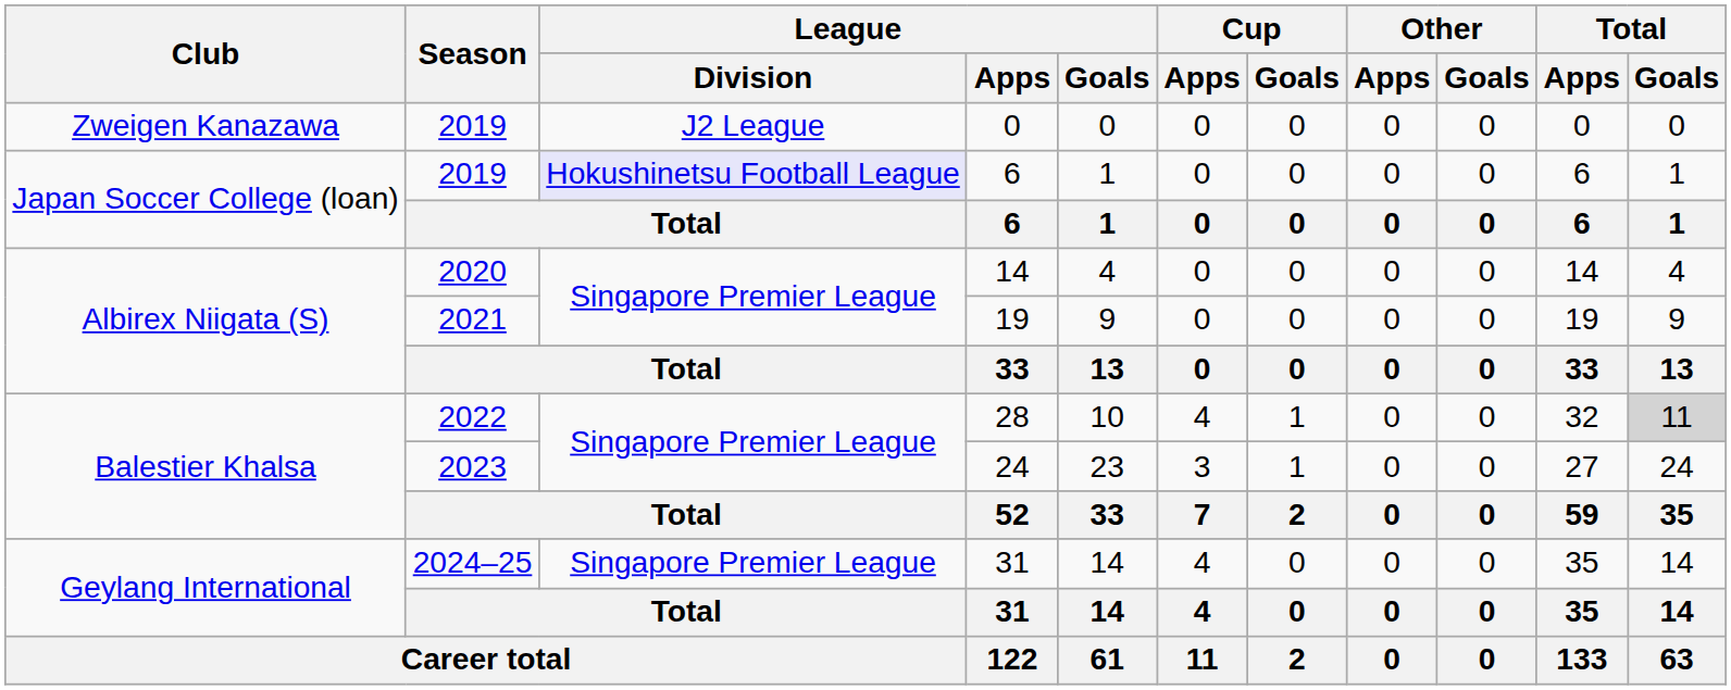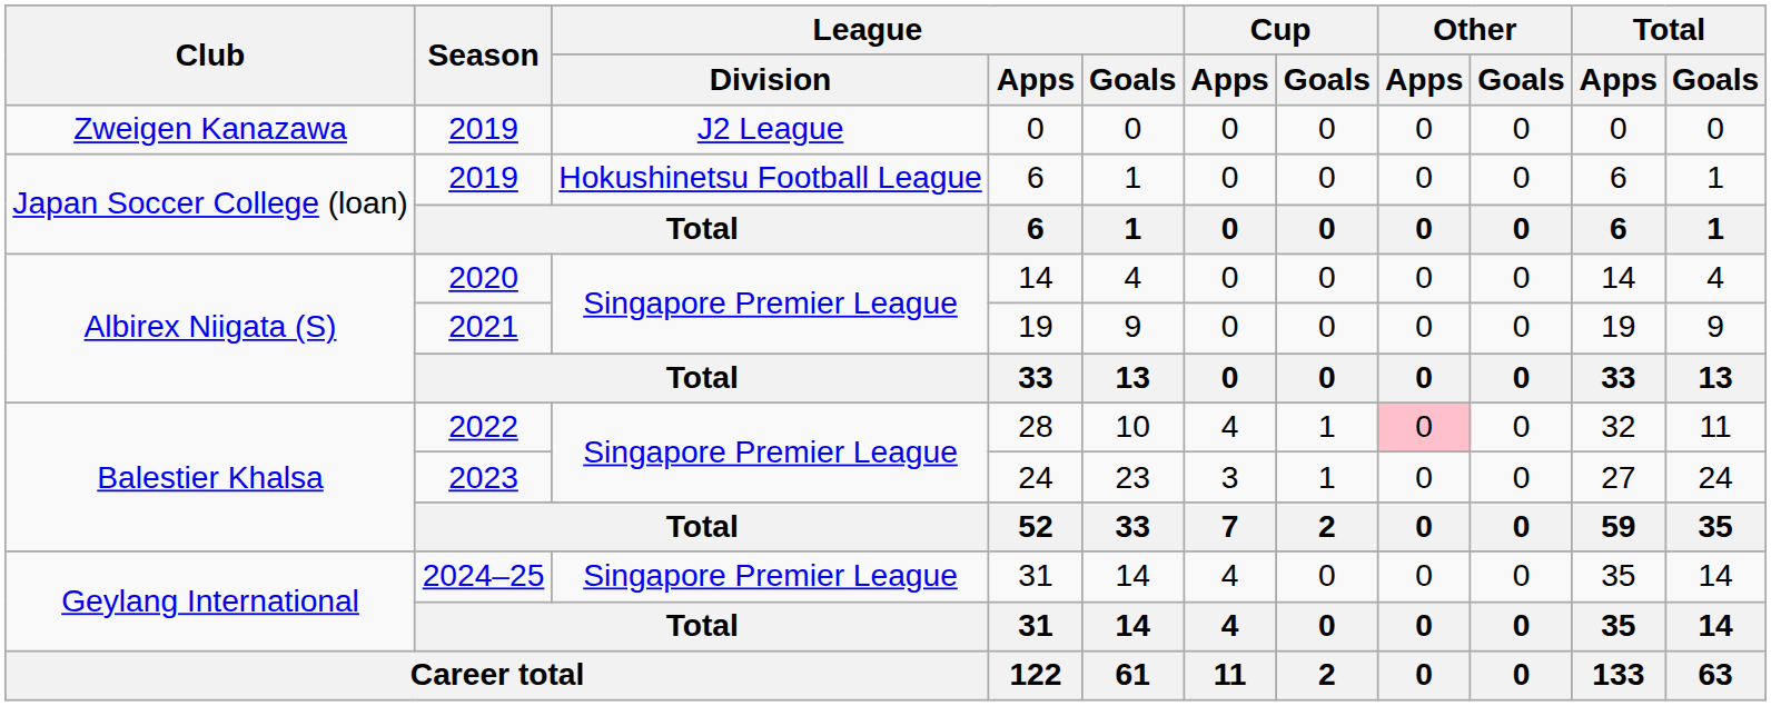 <table class="wikitable" style="text-align: center">
 <tr>
 <th rowspan="2">Club</th>
 <th rowspan="2">Season</th>
 <th colspan="3">League</th>
 <th colspan="2">Cup</th>
 <th colspan="2">Other</th>
 <th colspan="2">Total</th>
 </tr>
 <tr>
 <th>Division</th>
 <th>Apps</th>
 <th>Goals</th>
 <th>Apps</th>
 <th>Goals</th>
 <th>Apps</th>
 <th>Goals</th>
 <th>Apps</th>
 <th>Goals</th>
 </tr>
 <tr>
 <td><a href='#'>Zweigen Kanazawa</a></td>
 <td><a href='#'>2019</a></td>
 <td><a href='#'>J2 League</a></td>
 <td>0</td>
 <td>0</td>
 <td>0</td>
 <td>0</td>
 <td>0</td>
 <td>0</td>
 <td>0</td>
 <td>0</td>
 </tr>
 <tr>
 <td rowspan="2"><a href='#'>Japan Soccer College</a> (loan)</td>
 <td><a href='#'>2019</a></td>
-<td style="background: lavender;"><a href='#'>Hokushinetsu Football League</a></td>
+<td><a href='#'>Hokushinetsu Football League</a></td>
 <td>6</td>
 <td>1</td>
 <td>0</td>
 <td>0</td>
 <td>0</td>
 <td>0</td>
 <td>6</td>
 <td>1</td>
 </tr>
 <tr>
 <th colspan=2>Total</th>
 <th>6</th>
 <th>1</th>
 <th>0</th>
 <th>0</th>
 <th>0</th>
 <th>0</th>
 <th>6</th>
 <th>1</th>
 </tr>
 <tr>
 <td rowspan="3"><a href='#'>Albirex Niigata (S)</a></td>
 <td><a href='#'>2020</a></td>
 <td rowspan="2"><a href='#'>Singapore Premier League</a></td>
 <td>14</td>
 <td>4</td>
 <td>0</td>
 <td>0</td>
 <td>0</td>
 <td>0</td>
 <td>14</td>
 <td>4</td>
 </tr>
 <tr>
 <td><a href='#'>2021</a></td>
 <td>19</td>
 <td>9</td>
 <td>0</td>
 <td>0</td>
 <td>0</td>
 <td>0</td>
 <td>19</td>
 <td>9</td>
 </tr>
 <tr>
 <th colspan=2>Total</th>
 <th>33</th>
 <th>13</th>
 <th>0</th>
 <th>0</th>
 <th>0</th>
 <th>0</th>
 <th>33</th>
 <th>13</th>
 </tr>
 <tr>
 <td rowspan="3"><a href='#'>Balestier Khalsa</a></td>
 <td><a href='#'>2022</a></td>
 <td rowspan="2"><a href='#'>Singapore Premier League</a></td>
 <td>28</td>
 <td>10</td>
 <td>4</td>
 <td>1</td>
-<td>0</td>
+<td style="background: pink;">0</td>
 <td>0</td>
 <td>32</td>
-<td style="background: lightgrey;">11</td>
+<td>11</td>
 </tr>
 <tr>
 <td><a href='#'>2023</a></td>
 <td>24</td>
 <td>23</td>
 <td>3</td>
 <td>1</td>
 <td>0</td>
 <td>0</td>
 <td>27</td>
 <td>24</td>
 </tr>
 <tr>
 <th colspan=2>Total</th>
 <th>52</th>
 <th>33</th>
 <th>7</th>
 <th>2</th>
 <th>0</th>
 <th>0</th>
 <th>59</th>
 <th>35</th>
 </tr>
 <tr>
 <td rowspan="2"><a href='#'>Geylang International</a></td>
 <td><a href='#'>2024–25</a></td>
 <td rowspan="1"><a href='#'>Singapore Premier League</a></td>
 <td>31</td>
 <td>14</td>
 <td>4</td>
 <td>0</td>
 <td>0</td>
 <td>0</td>
 <td>35</td>
 <td>14</td>
 </tr>
 <tr>
 <th colspan=2>Total</th>
 <th>31</th>
 <th>14</th>
 <th>4</th>
 <th>0</th>
 <th>0</th>
 <th>0</th>
 <th>35</th>
 <th>14</th>
 </tr>
 <tr>
 <th colspan=3>Career total</th>
 <th>122</th>
 <th>61</th>
 <th>11</th>
 <th>2</th>
 <th>0</th>
 <th>0</th>
 <th>133</th>
 <th>63</th>
 </tr>
 </table>
